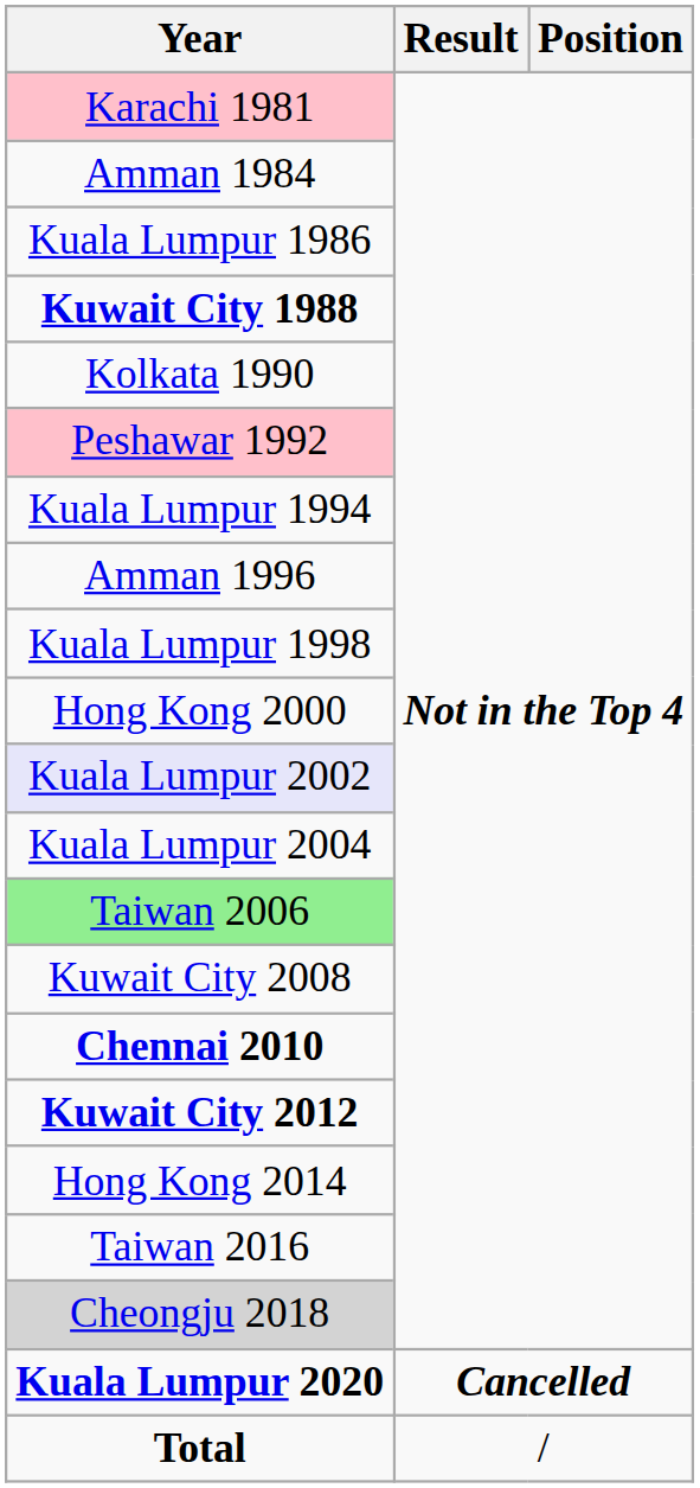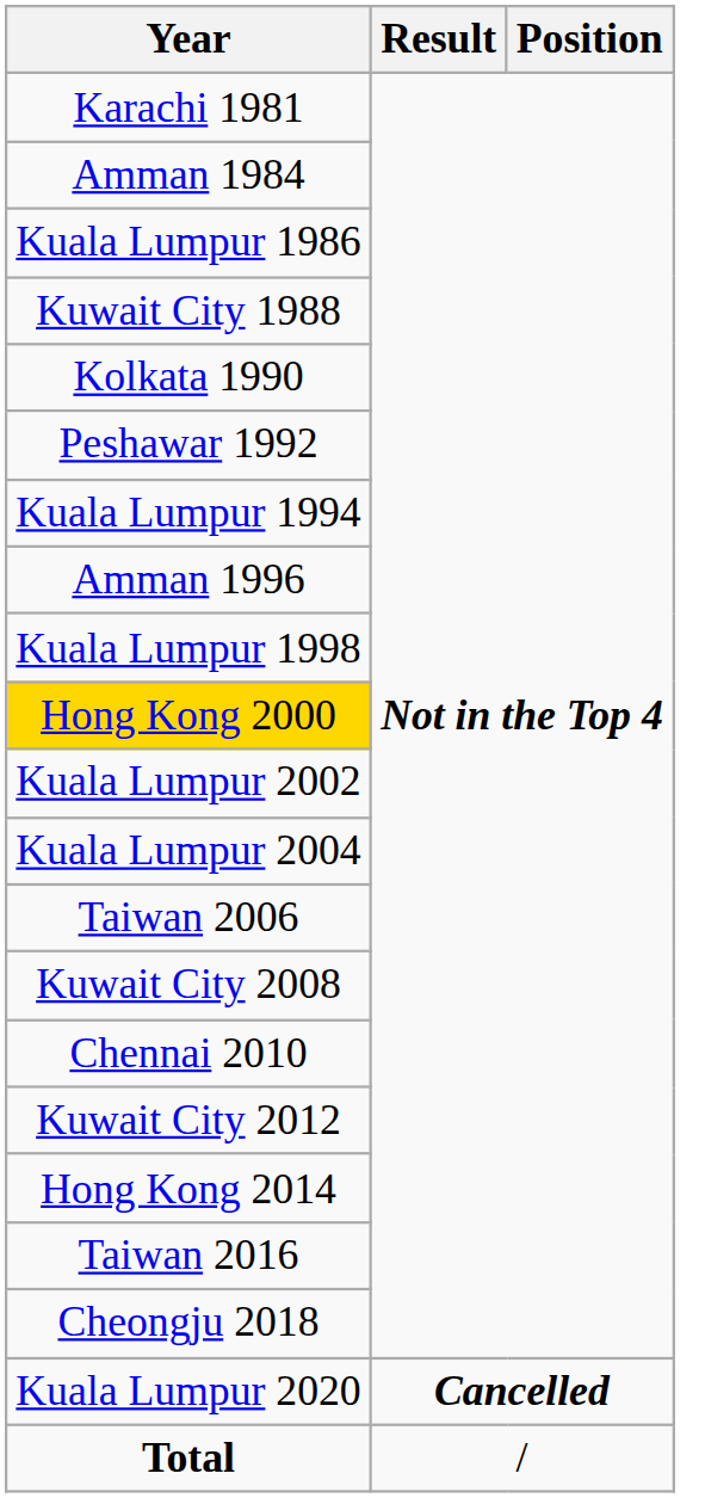 <table class="wikitable" style="text-align: center;">
 <tr>
 <th>Year</th>
 <th>Result</th>
 <th>Position</th>
 </tr>
 <tr>
-<td style="background: pink;"> <a href='#'>Karachi</a> 1981</td>
+<td> <a href='#'>Karachi</a> 1981</td>
 <td rowspan=19 colspan=2><strong><em>Not in the Top 4</em></strong></td>
 </tr>
 <tr>
 <td> <a href='#'>Amman</a> 1984</td>
 </tr>
 <tr>
 <td> <a href='#'>Kuala Lumpur</a> 1986</td>
 </tr>
 <tr>
-<td><strong> <a href='#'>Kuwait City</a> 1988</strong></td>
+<td> <a href='#'>Kuwait City</a> 1988</td>
 </tr>
 <tr>
 <td> <a href='#'>Kolkata</a> 1990</td>
 </tr>
 <tr>
-<td style="background: pink;"> <a href='#'>Peshawar</a> 1992</td>
+<td> <a href='#'>Peshawar</a> 1992</td>
 </tr>
 <tr>
 <td> <a href='#'>Kuala Lumpur</a> 1994</td>
 </tr>
 <tr>
 <td> <a href='#'>Amman</a> 1996</td>
 </tr>
 <tr>
 <td> <a href='#'>Kuala Lumpur</a> 1998</td>
 </tr>
 <tr>
-<td> <a href='#'>Hong Kong</a> 2000</td>
+<td style="background: gold;"> <a href='#'>Hong Kong</a> 2000</td>
 </tr>
 <tr>
-<td style="background: lavender;"> <a href='#'>Kuala Lumpur</a> 2002</td>
+<td> <a href='#'>Kuala Lumpur</a> 2002</td>
 </tr>
 <tr>
 <td> <a href='#'>Kuala Lumpur</a> 2004</td>
 </tr>
 <tr>
-<td style="background: lightgreen;"> <a href='#'>Taiwan</a> 2006</td>
+<td> <a href='#'>Taiwan</a> 2006</td>
 </tr>
 <tr>
 <td> <a href='#'>Kuwait City</a> 2008</td>
 </tr>
 <tr>
-<td><strong> <a href='#'>Chennai</a> 2010</strong></td>
+<td> <a href='#'>Chennai</a> 2010</td>
 </tr>
 <tr>
-<td><strong> <a href='#'>Kuwait City</a> 2012</strong></td>
+<td> <a href='#'>Kuwait City</a> 2012</td>
 </tr>
 <tr>
 <td> <a href='#'>Hong Kong</a> 2014</td>
 </tr>
 <tr>
 <td> <a href='#'>Taiwan</a> 2016</td>
 </tr>
 <tr>
-<td style="background: lightgrey;"> <a href='#'>Cheongju</a> 2018</td>
+<td> <a href='#'>Cheongju</a> 2018</td>
 </tr>
 <tr>
-<td><strong> <a href='#'>Kuala Lumpur</a> 2020</strong></td>
+<td> <a href='#'>Kuala Lumpur</a> 2020</td>
 <td rowspan="1" colspan="2" align="center"><strong><em>Cancelled</em></strong></td>
 </tr>
 <tr>
 <td><strong>Total</strong></td>
 <td rowspan="1" colspan="2" align="center">/</td>
 </tr>
 </table>
